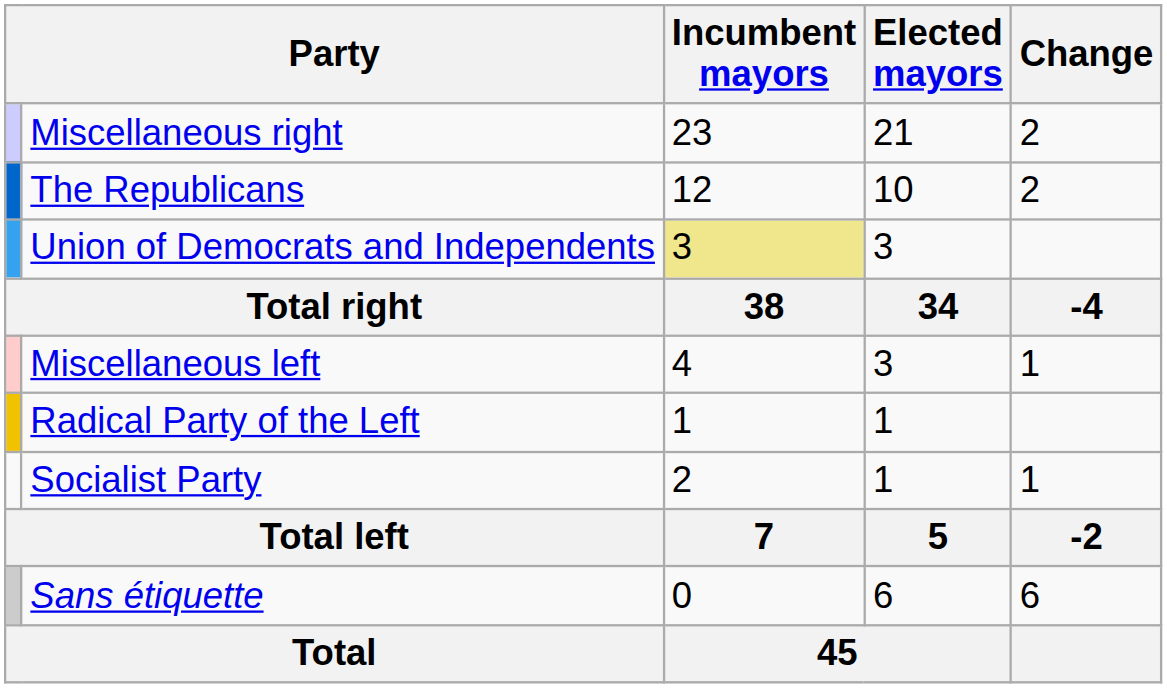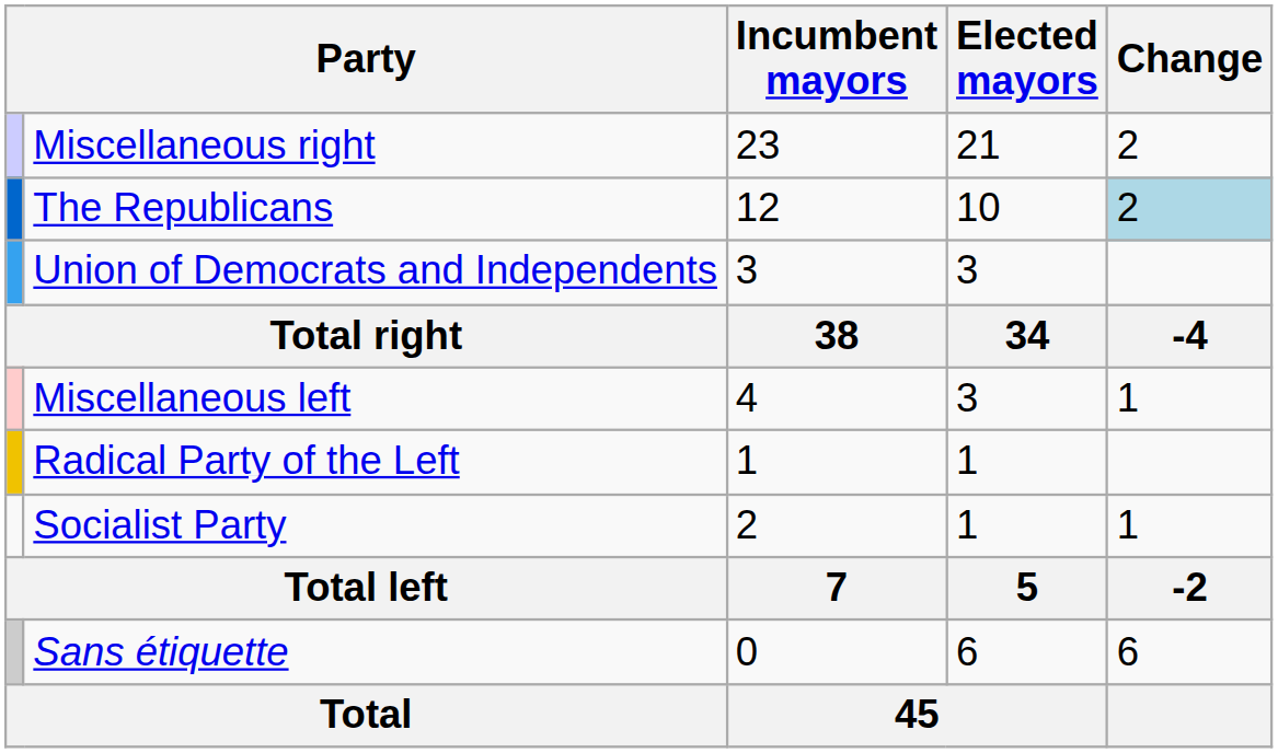 <table class="wikitable">
 <tr>
 <th colspan="2">Party</th>
 <th>Incumbent<br><a href='#'>mayors</a></th>
 <th>Elected<br><a href='#'>mayors</a></th>
 <th>Change</th>
 </tr>
 <tr>
 <td bgcolor="#ccccff"></td>
 <td><a href='#'>Miscellaneous right</a></td>
 <td>23</td>
 <td>21</td>
 <td> 2</td>
 </tr>
 <tr>
 <td bgcolor="#0066cc"></td>
 <td><a href='#'>The Republicans</a></td>
 <td>12</td>
 <td>10</td>
-<td> 2</td>
+<td style="background: lightblue;"> 2</td>
 </tr>
 <tr>
 <td bgcolor="#35A2EF"></td>
 <td><a href='#'>Union of Democrats and Independents</a></td>
-<td style="background: khaki;">3</td>
+<td>3</td>
 <td>3</td>
 <td></td>
 </tr>
 <tr>
 <th colspan="2">Total right</th>
 <th>38</th>
 <th>34</th>
 <th>-4</th>
 </tr>
 <tr>
 <td bgcolor="#ffcccc"></td>
 <td><a href='#'>Miscellaneous left</a></td>
 <td>4</td>
 <td>3</td>
 <td> 1</td>
 </tr>
 <tr>
 <td bgcolor="#F0C200"></td>
 <td><a href='#'>Radical Party of the Left</a></td>
 <td>1</td>
 <td>1</td>
 <td></td>
 </tr>
 <tr>
 <td bgcolor=></td>
 <td><a href='#'>Socialist Party</a></td>
 <td>2</td>
 <td>1</td>
 <td> 1</td>
 </tr>
 <tr>
 <th colspan="2">Total left</th>
 <th>7</th>
 <th>5</th>
 <th>-2</th>
 </tr>
 <tr>
 <td bgcolor="#cccccc"></td>
 <td><em><a href='#'>Sans étiquette</a></em></td>
 <td>0</td>
 <td>6</td>
 <td> 6</td>
 </tr>
 <tr>
 <th colspan="2">Total</th>
 <th colspan="2">45</th>
 <th></th>
 </tr>
 </table>
